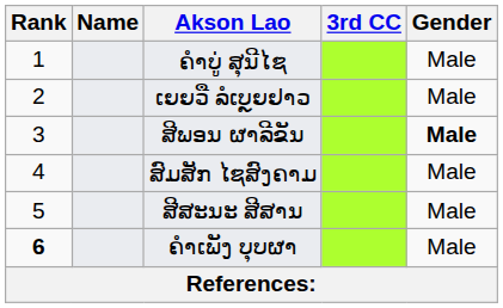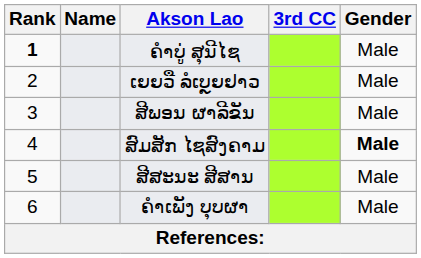 <table class="wikitable sortable" style=text-align:center>
 <tr>
 <th>Rank</th>
 <th>Name</th>
 <th class="unsortable"><a href='#'>Akson Lao</a></th>
 <th unsortable><a href='#'>3rd CC</a></th>
 <th>Gender</th>
 </tr>
 <tr>
-<td>1</td>
+<td><strong>1</strong></td>
 <td bgcolor = #EAECF0></td>
 <td bgcolor = #EAECF0>ຄຳບູ່ ສຸນີໄຊ</td>
 <td bgcolor = GreenYellow></td>
 <td>Male</td>
 </tr>
 <tr>
 <td>2</td>
 <td bgcolor = #EAECF0></td>
 <td bgcolor = #EAECF0>ເຍຍວື ລໍເບຼຍຢາວ</td>
 <td bgcolor = GreenYellow></td>
 <td>Male</td>
 </tr>
 <tr>
 <td>3</td>
 <td bgcolor = #EAECF0></td>
 <td bgcolor = #EAECF0>ສີພອນ ຜາລີຂັນ</td>
 <td bgcolor = GreenYellow></td>
-<td><strong>Male</strong></td>
+<td>Male</td>
 </tr>
 <tr>
 <td>4</td>
 <td bgcolor = #EAECF0></td>
 <td bgcolor = #EAECF0>ສົມສັກ ໄຊສົງຄາມ</td>
 <td bgcolor = GreenYellow></td>
-<td>Male</td>
+<td><strong>Male</strong></td>
 </tr>
 <tr>
 <td>5</td>
 <td bgcolor = #EAECF0></td>
 <td bgcolor = #EAECF0>ສີສະນະ ສີສານ</td>
 <td bgcolor = GreenYellow></td>
 <td>Male</td>
 </tr>
 <tr>
-<td><strong>6</strong></td>
+<td>6</td>
 <td bgcolor = #EAECF0></td>
 <td bgcolor = #EAECF0>ຄຳເພັງ ບຸບຜາ</td>
 <td bgcolor = GreenYellow></td>
 <td>Male</td>
 </tr>
 <tr class=sortbottom>
 <th colspan = "6" align = left><strong>References:</strong><br></th>
 </tr>
 </table>
